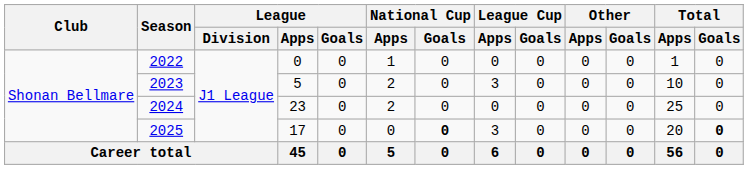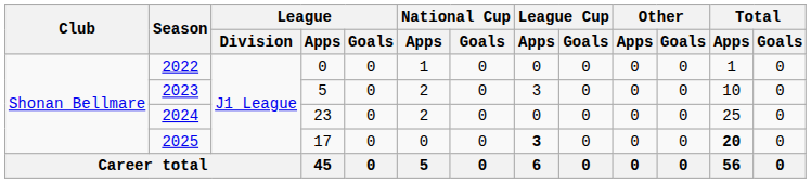 <table class=wikitable style=text-align:center>
 <tr>
 <th rowspan="2">Club</th>
 <th rowspan="2">Season</th>
 <th colspan="3">League</th>
 <th colspan="2">National Cup</th>
 <th colspan="2">League Cup</th>
 <th colspan="2">Other</th>
 <th colspan="2">Total</th>
 </tr>
 <tr>
 <th>Division</th>
 <th>Apps</th>
 <th>Goals</th>
 <th>Apps</th>
 <th>Goals</th>
 <th>Apps</th>
 <th>Goals</th>
 <th>Apps</th>
 <th>Goals</th>
 <th>Apps</th>
 <th>Goals</th>
 </tr>
 <tr>
 <td rowspan="4"><a href='#'>Shonan Bellmare</a></td>
 <td><a href='#'>2022</a></td>
 <td rowspan="4"><a href='#'>J1 League</a></td>
 <td>0</td>
 <td>0</td>
 <td>1</td>
 <td>0</td>
 <td>0</td>
 <td>0</td>
 <td>0</td>
 <td>0</td>
 <td>1</td>
 <td>0</td>
 </tr>
 <tr>
 <td><a href='#'>2023</a></td>
 <td>5</td>
 <td>0</td>
 <td>2</td>
 <td>0</td>
 <td>3</td>
 <td>0</td>
 <td>0</td>
 <td>0</td>
 <td>10</td>
 <td>0</td>
 </tr>
 <tr>
 <td><a href='#'>2024</a></td>
 <td>23</td>
 <td>0</td>
 <td>2</td>
 <td>0</td>
 <td>0</td>
 <td>0</td>
 <td>0</td>
 <td>0</td>
 <td>25</td>
 <td>0</td>
 </tr>
 <tr>
 <td><a href='#'>2025</a></td>
 <td>17</td>
 <td>0</td>
 <td>0</td>
-<td><strong>0</strong></td>
-<td>3</td>
+<td>0</td>
+<td><strong>3</strong></td>
 <td>0</td>
 <td>0</td>
 <td>0</td>
-<td>20</td>
-<td><strong>0</strong></td>
+<td><strong>20</strong></td>
+<td>0</td>
 </tr>
 <tr>
 <th colspan="3"><strong>Career total</strong></th>
 <th>45</th>
 <th>0</th>
 <th>5</th>
 <th>0</th>
 <th>6</th>
 <th>0</th>
 <th>0</th>
 <th>0</th>
 <th>56</th>
 <th>0</th>
 </tr>
 </table>
